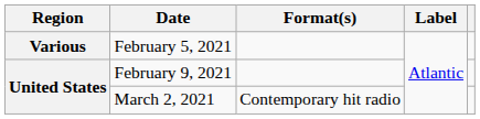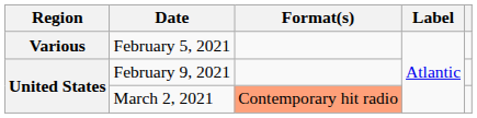 <table class="wikitable plainrowheaders">
 <tr>
 <th scope="col">Region</th>
 <th scope="col">Date</th>
 <th scope="col">Format(s)</th>
 <th scope="col">Label</th>
 <th scope="col"></th>
 </tr>
 <tr>
 <th scope="row">Various</th>
 <td>February 5, 2021</td>
 <td></td>
 <td rowspan="3"><a href='#'>Atlantic</a></td>
 <td style="text-align: center;"></td>
 </tr>
 <tr>
 <th scope="row" rowspan="2">United States</th>
 <td>February 9, 2021</td>
 <td></td>
 <td style="text-align: center;"></td>
 </tr>
 <tr>
 <td>March 2, 2021</td>
-<td>Contemporary hit radio</td>
+<td style="background: lightsalmon;">Contemporary hit radio</td>
 <td style="text-align: center;"></td>
 </tr>
 </table>
